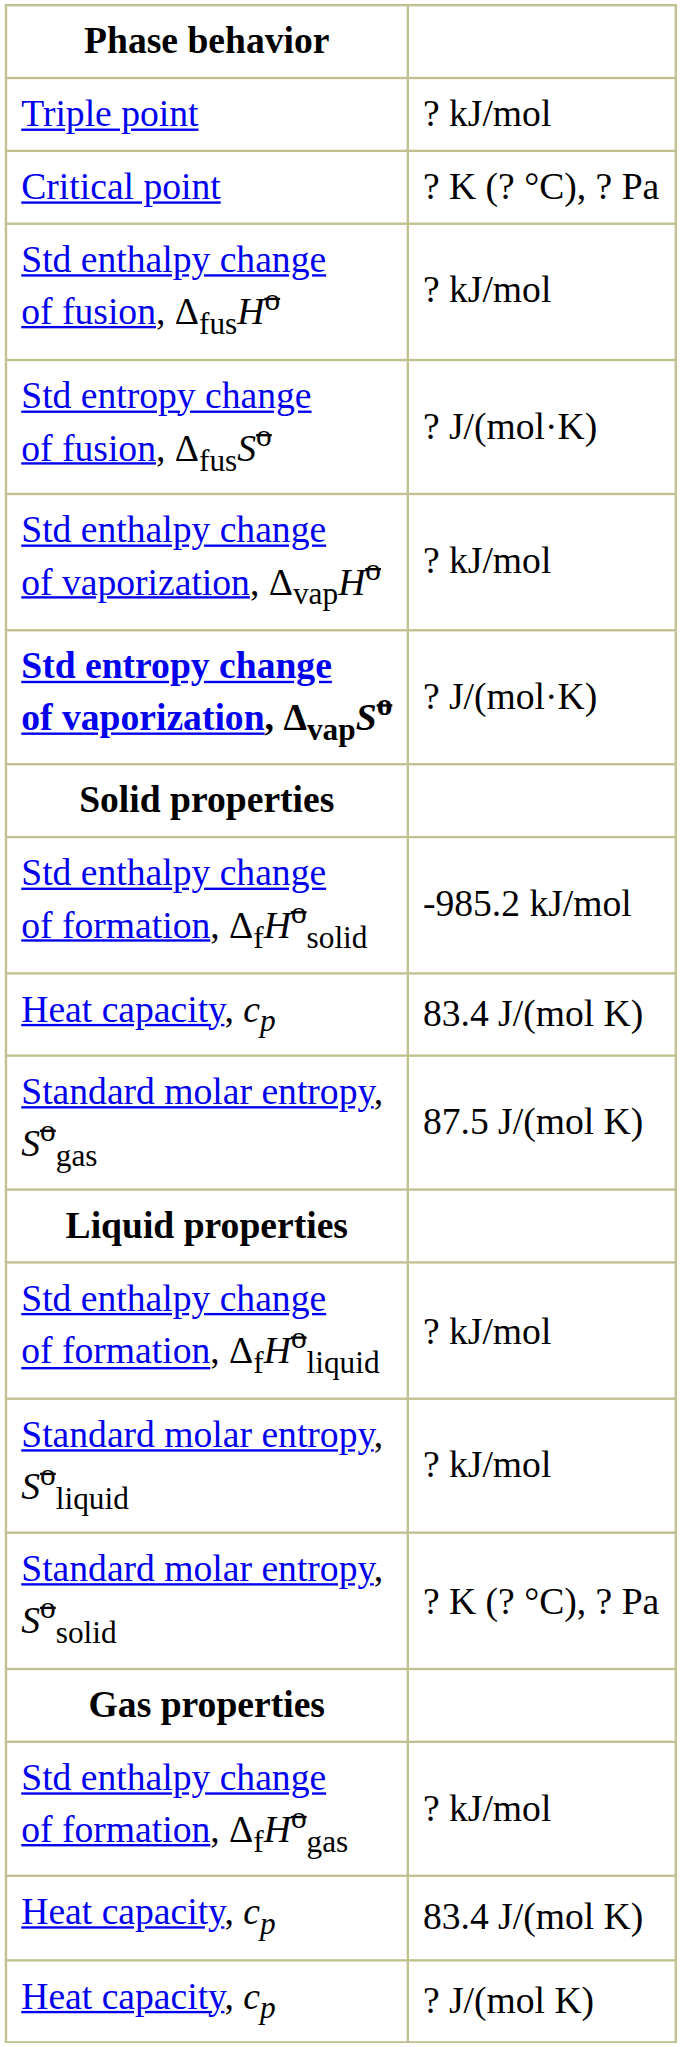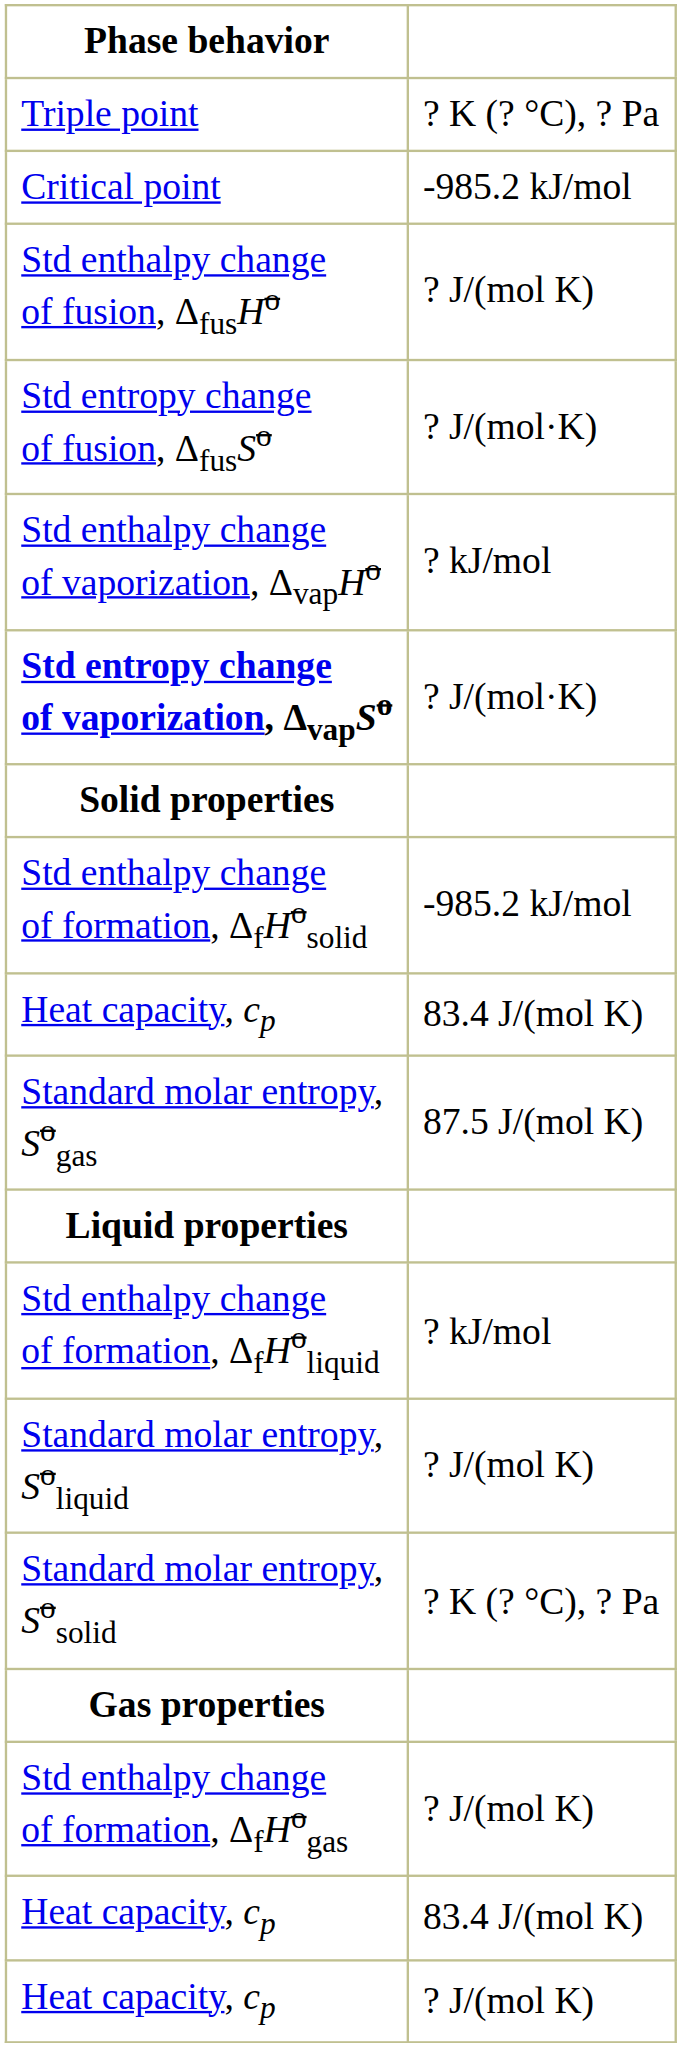 <table border="1" cellspacing="0" cellpadding="6" style="margin: 0 0 0 0.5em; background: #FFFFFF; border-collapse: collapse; border-color: #C0C090;">
 <tr>
 <th>Phase behavior</th>
 </tr>
 <tr>
 <td><a href='#'>Triple point</a></td>
-<td>? kJ/mol</td>
+<td>? K (? °C), ? Pa</td>
 </tr>
 <tr>
 <td><a href='#'>Critical point</a></td>
-<td>? K (? °C), ? Pa</td>
+<td>-985.2 kJ/mol</td>
 </tr>
 <tr>
 <td><a href='#'>Std enthalpy change<br>of fusion</a>, Δ<sub>fus</sub><em>H</em><sup><s>o</s></sup></td>
-<td>? kJ/mol</td>
+<td>? J/(mol K)</td>
 </tr>
 <tr>
 <td><a href='#'>Std entropy change<br>of fusion</a>, Δ<sub>fus</sub><em>S</em><sup><s>o</s></sup></td>
 <td>? J/(mol·K)</td>
 </tr>
 <tr>
 <td><a href='#'>Std enthalpy change<br>of vaporization</a>, Δ<sub>vap</sub><em>H</em><sup><s>o</s></sup></td>
 <td>? kJ/mol</td>
 </tr>
 <tr>
 <td><strong><a href='#'>Std entropy change<br>of vaporization</a>, Δ<sub>vap</sub><em>S</em><sup><s>o</s></sup></strong></td>
 <td>? J/(mol·K)</td>
 </tr>
 <tr>
 <th>Solid properties</th>
 </tr>
 <tr>
 <td><a href='#'>Std enthalpy change<br>of formation</a>, Δ<sub>f</sub><em>H</em><sup><s>o</s></sup><sub>solid</sub></td>
 <td>-985.2 kJ/mol</td>
 </tr>
 <tr>
 <td><a href='#'>Heat capacity</a>, <em>c<sub>p</sub></em></td>
 <td>83.4 J/(mol K)</td>
 </tr>
 <tr>
 <td><a href='#'>Standard molar entropy</a>,<br><em>S</em><sup><s>o</s></sup><sub>gas</sub></td>
 <td>87.5 J/(mol K)</td>
 </tr>
 <tr>
 <th>Liquid properties</th>
 </tr>
 <tr>
 <td><a href='#'>Std enthalpy change<br>of formation</a>, Δ<sub>f</sub><em>H</em><sup><s>o</s></sup><sub>liquid</sub></td>
 <td>? kJ/mol</td>
 </tr>
 <tr>
 <td><a href='#'>Standard molar entropy</a>,<br><em>S</em><sup><s>o</s></sup><sub>liquid</sub></td>
-<td>? kJ/mol</td>
+<td>? J/(mol K)</td>
 </tr>
 <tr>
 <td><a href='#'>Standard molar entropy</a>,<br><em>S</em><sup><s>o</s></sup><sub>solid</sub></td>
 <td>? K (? °C), ? Pa</td>
 </tr>
 <tr>
 <th>Gas properties</th>
 </tr>
 <tr>
 <td><a href='#'>Std enthalpy change<br>of formation</a>, Δ<sub>f</sub><em>H</em><sup><s>o</s></sup><sub>gas</sub></td>
-<td>? kJ/mol</td>
+<td>? J/(mol K)</td>
 </tr>
 <tr>
 <td><a href='#'>Heat capacity</a>, <em>c<sub>p</sub></em></td>
 <td>83.4 J/(mol K)</td>
 </tr>
 <tr>
 <td><a href='#'>Heat capacity</a>, <em>c<sub>p</sub></em></td>
 <td>? J/(mol K)</td>
 </tr>
 <tr>
 </tr>
 </table>
